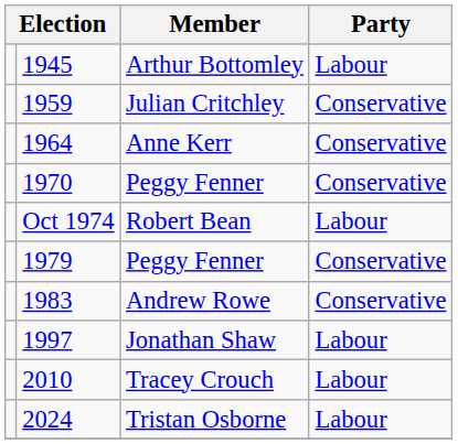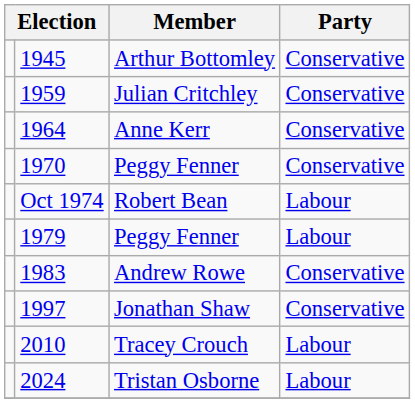 <table class="wikitable">
 <tr>
 <th colspan="2">Election</th>
 <th>Member</th>
 <th>Party</th>
 </tr>
 <tr>
 <td style="background-color: "></td>
 <td><a href='#'>1945</a></td>
 <td><a href='#'>Arthur Bottomley</a></td>
-<td><a href='#'>Labour</a></td>
+<td><a href='#'>Conservative</a></td>
 </tr>
 <tr>
 <td style="background-color: "></td>
 <td><a href='#'>1959</a></td>
 <td><a href='#'>Julian Critchley</a></td>
 <td><a href='#'>Conservative</a></td>
 </tr>
 <tr>
 <td style="background-color: "></td>
 <td><a href='#'>1964</a></td>
 <td><a href='#'>Anne Kerr</a></td>
 <td><a href='#'>Conservative</a></td>
 </tr>
 <tr>
 <td style="background-color: "></td>
 <td><a href='#'>1970</a></td>
 <td><a href='#'>Peggy Fenner</a></td>
 <td><a href='#'>Conservative</a></td>
 </tr>
 <tr>
 <td style="background-color: "></td>
 <td><a href='#'>Oct 1974</a></td>
 <td><a href='#'>Robert Bean</a></td>
 <td><a href='#'>Labour</a></td>
 </tr>
 <tr>
 <td style="background-color: "></td>
 <td><a href='#'>1979</a></td>
 <td><a href='#'>Peggy Fenner</a></td>
-<td><a href='#'>Conservative</a></td>
+<td><a href='#'>Labour</a></td>
 </tr>
 <tr>
 <td style="background-color: "></td>
 <td><a href='#'>1983</a></td>
 <td><a href='#'>Andrew Rowe</a></td>
 <td><a href='#'>Conservative</a></td>
 </tr>
 <tr>
 <td style="background-color: "></td>
 <td><a href='#'>1997</a></td>
 <td><a href='#'>Jonathan Shaw</a></td>
-<td><a href='#'>Labour</a></td>
+<td><a href='#'>Conservative</a></td>
 </tr>
 <tr>
 <td style="background-color: "></td>
 <td><a href='#'>2010</a></td>
 <td><a href='#'>Tracey Crouch</a></td>
 <td><a href='#'>Labour</a></td>
 </tr>
 <tr>
 <td style="background-color: "></td>
 <td><a href='#'>2024</a></td>
 <td><a href='#'>Tristan Osborne</a></td>
 <td><a href='#'>Labour</a></td>
 </tr>
 <tr>
 </tr>
 </table>
